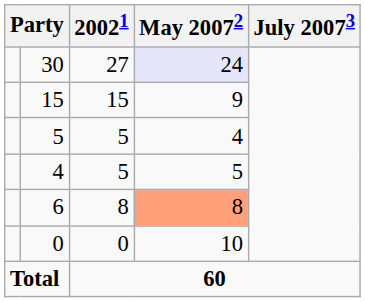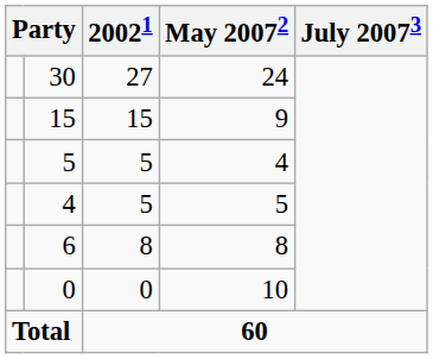 <table class="wikitable">
 <tr>
 <th colspan="2">Party</th>
 <th>2002<sup><a href='#'>1</a></sup></th>
 <th>May 2007<sup><a href='#'>2</a></sup></th>
 <th>July 2007<sup><a href='#'>3</a></sup></th>
 </tr>
 <tr>
 <td></td>
 <td align="right">30</td>
 <td align="right">27</td>
-<td align="right" style="background: lavender;">24</td>
+<td align="right">24</td>
 </tr>
 <tr>
 <td></td>
 <td align="right">15</td>
 <td align="right">15</td>
 <td align="right">9</td>
 </tr>
 <tr>
 <td></td>
 <td align="right">5</td>
 <td align="right">5</td>
 <td align="right">4</td>
 </tr>
 <tr>
 <td></td>
 <td align="right">4</td>
 <td align="right">5</td>
 <td align="right">5</td>
 </tr>
 <tr>
 <td></td>
 <td align="right">6</td>
 <td align="right">8</td>
-<td align="right" style="background: lightsalmon;">8</td>
+<td align="right">8</td>
 </tr>
 <tr>
 <td></td>
 <td align="right">0</td>
 <td align="right">0</td>
 <td align="right">10</td>
 </tr>
 <tr>
 <td colspan="2"><strong>Total</strong></td>
 <td colspan="3" align="center"><strong>60</strong></td>
 </tr>
 </table>
